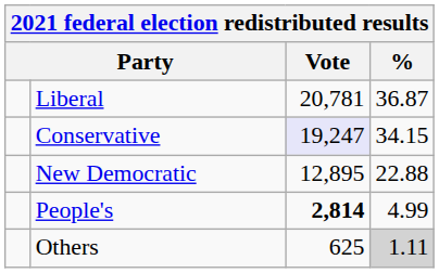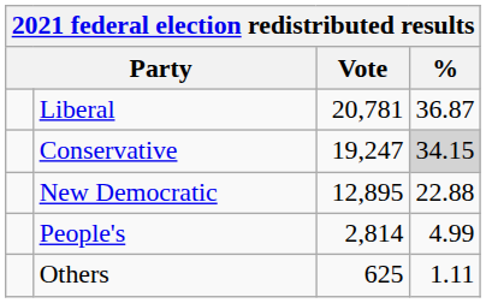 <table class="wikitable">
 <tr>
 <th colspan="4"><a href='#'>2021 federal election</a> redistributed results</th>
 </tr>
 <tr>
 <th bgcolor="#DDDDFF" width="130px" colspan="2">Party</th>
 <th bgcolor="#DDDDFF" width="50px">Vote</th>
 <th bgcolor="#DDDDFF" width="30px">%</th>
 </tr>
 <tr>
 <td> </td>
 <td><a href='#'>Liberal</a></td>
 <td align=right>20,781</td>
 <td align=right>36.87</td>
 </tr>
 <tr>
 <td> </td>
 <td><a href='#'>Conservative</a></td>
-<td align=right style="background: lavender;">19,247</td>
-<td align=right>34.15</td>
+<td align=right>19,247</td>
+<td align=right style="background: lightgrey;">34.15</td>
 </tr>
 <tr>
 <td> </td>
 <td><a href='#'>New Democratic</a></td>
 <td align=right>12,895</td>
 <td align=right>22.88</td>
 </tr>
 <tr>
 <td> </td>
 <td><a href='#'>People's</a></td>
-<td align=right><strong>2,814</strong></td>
+<td align=right>2,814</td>
 <td align=right>4.99</td>
 </tr>
 <tr>
 <td> </td>
 <td>Others</td>
 <td align=right>625</td>
-<td align=right style="background: lightgrey;">1.11</td>
+<td align=right>1.11</td>
 </tr>
 </table>
